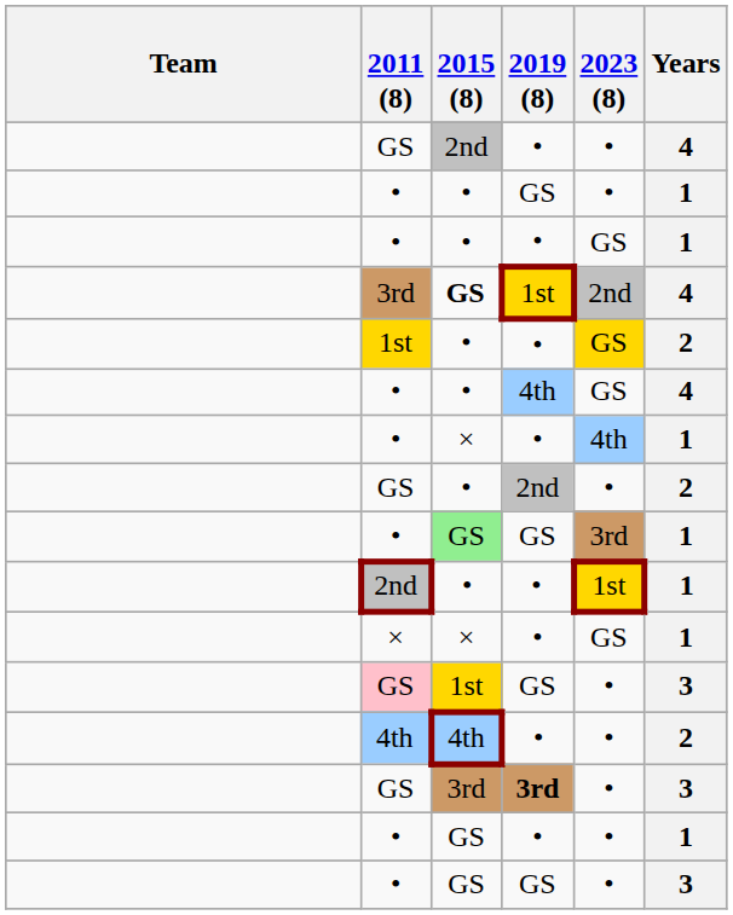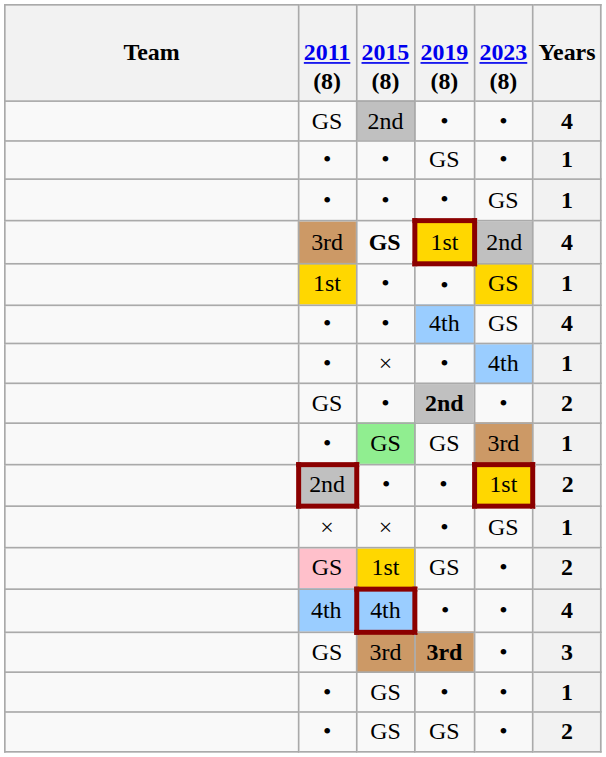 <table class="wikitable" style="text-align:center; font-size:90%">
 <tr>
 <th width=170>Team</th>
 <th><br><a href='#'>2011</a><br>(8)</th>
 <th><br><a href='#'>2015</a><br>(8)</th>
 <th><br><a href='#'>2019</a><br>(8)</th>
 <th><br><a href='#'>2023</a><br>(8)</th>
 <th>Years</th>
 </tr>
 <tr>
 <td align=left></td>
 <td>GS</td>
 <td bgcolor=Silver>2nd</td>
 <td>•</td>
 <td>•</td>
 <th>4</th>
 </tr>
 <tr>
 <td align=left></td>
 <td>•</td>
 <td>•</td>
 <td>GS</td>
 <td>•</td>
 <th>1</th>
 </tr>
 <tr>
 <td align=left></td>
 <td>•</td>
 <td>•</td>
 <td>•</td>
 <td>GS</td>
 <th>1</th>
 </tr>
 <tr>
 <td align=left></td>
 <td bgcolor=#cc9966>3rd</td>
 <td><strong>GS</strong></td>
 <td style="border: 3px solid darkred" bgcolor=Gold>1st</td>
 <td bgcolor=Silver>2nd</td>
 <th>4</th>
 </tr>
 <tr>
 <td align=left></td>
 <td bgcolor=Gold>1st</td>
 <td>•</td>
 <td>•</td>
 <td style="background: gold;">GS</td>
-<th>2</th>
+<th>1</th>
 </tr>
 <tr>
 <td align=left></td>
 <td>•</td>
 <td>•</td>
 <td bgcolor=#9acdff>4th</td>
 <td>GS</td>
 <th>4</th>
 </tr>
 <tr>
 <td align=left></td>
 <td>•</td>
 <td>×</td>
 <td>•</td>
 <td bgcolor=#9acdff>4th</td>
 <th>1</th>
 </tr>
 <tr>
 <td align=left></td>
 <td>GS</td>
 <td>•</td>
-<td bgcolor=Silver>2nd</td>
+<td bgcolor=Silver><strong>2nd</strong></td>
 <td>•</td>
 <th>2</th>
 </tr>
 <tr>
 <td align=left></td>
 <td>•</td>
 <td style="background: lightgreen;">GS</td>
 <td>GS</td>
 <td bgcolor=#cc9966>3rd</td>
 <th>1</th>
 </tr>
 <tr>
 <td align=left></td>
 <td style="border: 3px solid darkred" bgcolor=Silver>2nd</td>
 <td>•</td>
 <td>•</td>
 <td style="border: 3px solid darkred" bgcolor=Gold>1st</td>
-<th>1</th>
+<th>2</th>
 </tr>
 <tr>
 <td align=left></td>
 <td>×</td>
 <td>×</td>
 <td>•</td>
 <td>GS</td>
 <th>1</th>
 </tr>
 <tr>
 <td align=left></td>
 <td style="background: pink;">GS</td>
 <td bgcolor=Gold>1st</td>
 <td>GS</td>
 <td>•</td>
-<th>3</th>
+<th>2</th>
 </tr>
 <tr>
 <td align=left></td>
 <td bgcolor=#9acdff>4th</td>
 <td style="border: 3px solid darkred" bgcolor=#9acdff>4th</td>
 <td>•</td>
 <td>•</td>
-<th>2</th>
+<th>4</th>
 </tr>
 <tr>
 <td align=left></td>
 <td>GS</td>
 <td bgcolor=#cc9966>3rd</td>
 <td bgcolor=#cc9966><strong>3rd</strong></td>
 <td>•</td>
 <th>3</th>
 </tr>
 <tr>
 <td align=left></td>
 <td>•</td>
 <td>GS</td>
 <td>•</td>
 <td>•</td>
 <th>1</th>
 </tr>
 <tr>
 <td align=left></td>
 <td>•</td>
 <td>GS</td>
 <td>GS</td>
 <td>•</td>
-<th>3</th>
+<th>2</th>
 </tr>
 </table>
